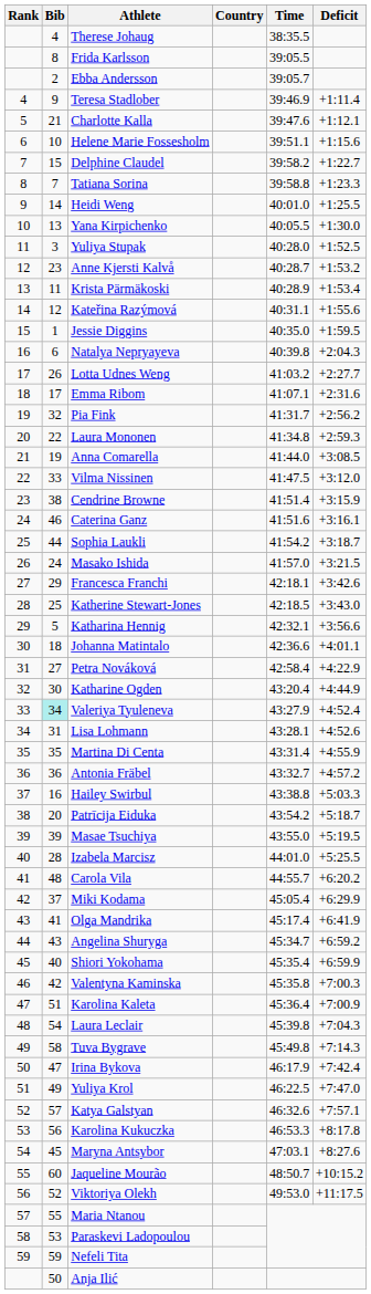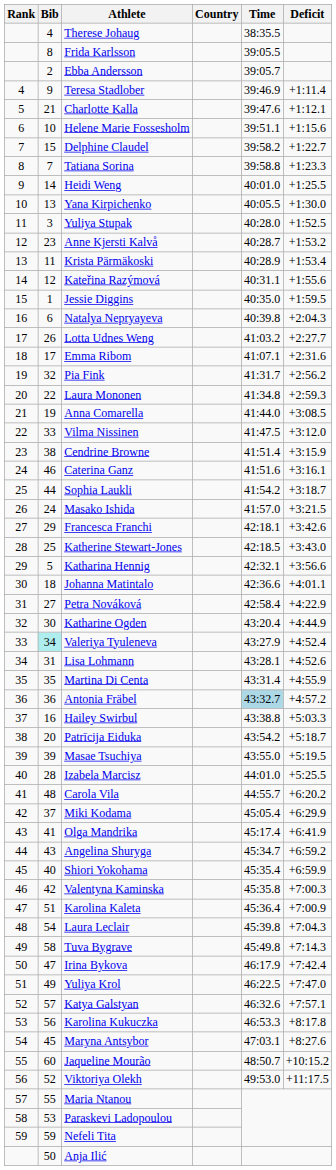 <table class="wikitable sortable" style="text-align:center">
 <tr>
 <th>Rank</th>
 <th>Bib</th>
 <th>Athlete</th>
 <th>Country</th>
 <th>Time</th>
 <th>Deficit</th>
 </tr>
 <tr>
 <td></td>
 <td>4</td>
 <td align=left><a href='#'>Therese Johaug</a></td>
 <td align=left></td>
 <td>38:35.5</td>
 <td></td>
 </tr>
 <tr>
 <td></td>
 <td>8</td>
 <td align=left><a href='#'>Frida Karlsson</a></td>
 <td align=left></td>
 <td>39:05.5</td>
 <td></td>
 </tr>
 <tr>
 <td></td>
 <td>2</td>
 <td align=left><a href='#'>Ebba Andersson</a></td>
 <td align=left></td>
 <td>39:05.7</td>
 <td></td>
 </tr>
 <tr>
 <td>4</td>
 <td>9</td>
 <td align=left><a href='#'>Teresa Stadlober</a></td>
 <td align=left></td>
 <td>39:46.9</td>
 <td>+1:11.4</td>
 </tr>
 <tr>
 <td>5</td>
 <td>21</td>
 <td align=left><a href='#'>Charlotte Kalla</a></td>
 <td align=left></td>
 <td>39:47.6</td>
 <td>+1:12.1</td>
 </tr>
 <tr>
 <td>6</td>
 <td>10</td>
 <td align=left><a href='#'>Helene Marie Fossesholm</a></td>
 <td align=left></td>
 <td>39:51.1</td>
 <td>+1:15.6</td>
 </tr>
 <tr>
 <td>7</td>
 <td>15</td>
 <td align=left><a href='#'>Delphine Claudel</a></td>
 <td align=left></td>
 <td>39:58.2</td>
 <td>+1:22.7</td>
 </tr>
 <tr>
 <td>8</td>
 <td>7</td>
 <td align=left><a href='#'>Tatiana Sorina</a></td>
 <td align=left></td>
 <td>39:58.8</td>
 <td>+1:23.3</td>
 </tr>
 <tr>
 <td>9</td>
 <td>14</td>
 <td align=left><a href='#'>Heidi Weng</a></td>
 <td align=left></td>
 <td>40:01.0</td>
 <td>+1:25.5</td>
 </tr>
 <tr>
 <td>10</td>
 <td>13</td>
 <td align=left><a href='#'>Yana Kirpichenko</a></td>
 <td align=left></td>
 <td>40:05.5</td>
 <td>+1:30.0</td>
 </tr>
 <tr>
 <td>11</td>
 <td>3</td>
 <td align=left><a href='#'>Yuliya Stupak</a></td>
 <td align=left></td>
 <td>40:28.0</td>
 <td>+1:52.5</td>
 </tr>
 <tr>
 <td>12</td>
 <td>23</td>
 <td align=left><a href='#'>Anne Kjersti Kalvå</a></td>
 <td align=left></td>
 <td>40:28.7</td>
 <td>+1:53.2</td>
 </tr>
 <tr>
 <td>13</td>
 <td>11</td>
 <td align=left><a href='#'>Krista Pärmäkoski</a></td>
 <td align=left></td>
 <td>40:28.9</td>
 <td>+1:53.4</td>
 </tr>
 <tr>
 <td>14</td>
 <td>12</td>
 <td align=left><a href='#'>Kateřina Razýmová</a></td>
 <td align=left></td>
 <td>40:31.1</td>
 <td>+1:55.6</td>
 </tr>
 <tr>
 <td>15</td>
 <td>1</td>
 <td align=left><a href='#'>Jessie Diggins</a></td>
 <td align=left></td>
 <td>40:35.0</td>
 <td>+1:59.5</td>
 </tr>
 <tr>
 <td>16</td>
 <td>6</td>
 <td align=left><a href='#'>Natalya Nepryayeva</a></td>
 <td align=left></td>
 <td>40:39.8</td>
 <td>+2:04.3</td>
 </tr>
 <tr>
 <td>17</td>
 <td>26</td>
 <td align=left><a href='#'>Lotta Udnes Weng</a></td>
 <td align=left></td>
 <td>41:03.2</td>
 <td>+2:27.7</td>
 </tr>
 <tr>
 <td>18</td>
 <td>17</td>
 <td align=left><a href='#'>Emma Ribom</a></td>
 <td align=left></td>
 <td>41:07.1</td>
 <td>+2:31.6</td>
 </tr>
 <tr>
 <td>19</td>
 <td>32</td>
 <td align=left><a href='#'>Pia Fink</a></td>
 <td align=left></td>
 <td>41:31.7</td>
 <td>+2:56.2</td>
 </tr>
 <tr>
 <td>20</td>
 <td>22</td>
 <td align=left><a href='#'>Laura Mononen</a></td>
 <td align=left></td>
 <td>41:34.8</td>
 <td>+2:59.3</td>
 </tr>
 <tr>
 <td>21</td>
 <td>19</td>
 <td align=left><a href='#'>Anna Comarella</a></td>
 <td align=left></td>
 <td>41:44.0</td>
 <td>+3:08.5</td>
 </tr>
 <tr>
 <td>22</td>
 <td>33</td>
 <td align=left><a href='#'>Vilma Nissinen</a></td>
 <td align=left></td>
 <td>41:47.5</td>
 <td>+3:12.0</td>
 </tr>
 <tr>
 <td>23</td>
 <td>38</td>
 <td align=left><a href='#'>Cendrine Browne</a></td>
 <td align=left></td>
 <td>41:51.4</td>
 <td>+3:15.9</td>
 </tr>
 <tr>
 <td>24</td>
 <td>46</td>
 <td align=left><a href='#'>Caterina Ganz</a></td>
 <td align=left></td>
 <td>41:51.6</td>
 <td>+3:16.1</td>
 </tr>
 <tr>
 <td>25</td>
 <td>44</td>
 <td align=left><a href='#'>Sophia Laukli</a></td>
 <td align=left></td>
 <td>41:54.2</td>
 <td>+3:18.7</td>
 </tr>
 <tr>
 <td>26</td>
 <td>24</td>
 <td align=left><a href='#'>Masako Ishida</a></td>
 <td align=left></td>
 <td>41:57.0</td>
 <td>+3:21.5</td>
 </tr>
 <tr>
 <td>27</td>
 <td>29</td>
 <td align=left><a href='#'>Francesca Franchi</a></td>
 <td align=left></td>
 <td>42:18.1</td>
 <td>+3:42.6</td>
 </tr>
 <tr>
 <td>28</td>
 <td>25</td>
 <td align=left><a href='#'>Katherine Stewart-Jones</a></td>
 <td align=left></td>
 <td>42:18.5</td>
 <td>+3:43.0</td>
 </tr>
 <tr>
 <td>29</td>
 <td>5</td>
 <td align=left><a href='#'>Katharina Hennig</a></td>
 <td align=left></td>
 <td>42:32.1</td>
 <td>+3:56.6</td>
 </tr>
 <tr>
 <td>30</td>
 <td>18</td>
 <td align=left><a href='#'>Johanna Matintalo</a></td>
 <td align=left></td>
 <td>42:36.6</td>
 <td>+4:01.1</td>
 </tr>
 <tr>
 <td>31</td>
 <td>27</td>
 <td align=left><a href='#'>Petra Nováková</a></td>
 <td align=left></td>
 <td>42:58.4</td>
 <td>+4:22.9</td>
 </tr>
 <tr>
 <td>32</td>
 <td>30</td>
 <td align=left><a href='#'>Katharine Ogden</a></td>
 <td align=left></td>
 <td>43:20.4</td>
 <td>+4:44.9</td>
 </tr>
 <tr>
 <td>33</td>
 <td style="background: paleturquoise;">34</td>
 <td align=left><a href='#'>Valeriya Tyuleneva</a></td>
 <td align=left></td>
 <td>43:27.9</td>
 <td>+4:52.4</td>
 </tr>
 <tr>
 <td>34</td>
 <td>31</td>
 <td align=left><a href='#'>Lisa Lohmann</a></td>
 <td align=left></td>
 <td>43:28.1</td>
 <td>+4:52.6</td>
 </tr>
 <tr>
 <td>35</td>
 <td>35</td>
 <td align=left><a href='#'>Martina Di Centa</a></td>
 <td align=left></td>
 <td>43:31.4</td>
 <td>+4:55.9</td>
 </tr>
 <tr>
 <td>36</td>
 <td>36</td>
 <td align=left><a href='#'>Antonia Fräbel</a></td>
 <td align=left></td>
-<td>43:32.7</td>
+<td style="background: lightblue;">43:32.7</td>
 <td>+4:57.2</td>
 </tr>
 <tr>
 <td>37</td>
 <td>16</td>
 <td align=left><a href='#'>Hailey Swirbul</a></td>
 <td align=left></td>
 <td>43:38.8</td>
 <td>+5:03.3</td>
 </tr>
 <tr>
 <td>38</td>
 <td>20</td>
 <td align=left><a href='#'>Patrīcija Eiduka</a></td>
 <td align=left></td>
 <td>43:54.2</td>
 <td>+5:18.7</td>
 </tr>
 <tr>
 <td>39</td>
 <td>39</td>
 <td align=left><a href='#'>Masae Tsuchiya</a></td>
 <td align=left></td>
 <td>43:55.0</td>
 <td>+5:19.5</td>
 </tr>
 <tr>
 <td>40</td>
 <td>28</td>
 <td align=left><a href='#'>Izabela Marcisz</a></td>
 <td align=left></td>
 <td>44:01.0</td>
 <td>+5:25.5</td>
 </tr>
 <tr>
 <td>41</td>
 <td>48</td>
 <td align=left><a href='#'>Carola Vila</a></td>
 <td align=left></td>
 <td>44:55.7</td>
 <td>+6:20.2</td>
 </tr>
 <tr>
 <td>42</td>
 <td>37</td>
 <td align=left><a href='#'>Miki Kodama</a></td>
 <td align=left></td>
 <td>45:05.4</td>
 <td>+6:29.9</td>
 </tr>
 <tr>
 <td>43</td>
 <td>41</td>
 <td align=left><a href='#'>Olga Mandrika</a></td>
 <td align=left></td>
 <td>45:17.4</td>
 <td>+6:41.9</td>
 </tr>
 <tr>
 <td>44</td>
 <td>43</td>
 <td align=left><a href='#'>Angelina Shuryga</a></td>
 <td align=left></td>
 <td>45:34.7</td>
 <td>+6:59.2</td>
 </tr>
 <tr>
 <td>45</td>
 <td>40</td>
 <td align=left><a href='#'>Shiori Yokohama</a></td>
 <td align=left></td>
 <td>45:35.4</td>
 <td>+6:59.9</td>
 </tr>
 <tr>
 <td>46</td>
 <td>42</td>
 <td align=left><a href='#'>Valentyna Kaminska</a></td>
 <td align=left></td>
 <td>45:35.8</td>
 <td>+7:00.3</td>
 </tr>
 <tr>
 <td>47</td>
 <td>51</td>
 <td align=left><a href='#'>Karolina Kaleta</a></td>
 <td align=left></td>
 <td>45:36.4</td>
 <td>+7:00.9</td>
 </tr>
 <tr>
 <td>48</td>
 <td>54</td>
 <td align=left><a href='#'>Laura Leclair</a></td>
 <td align=left></td>
 <td>45:39.8</td>
 <td>+7:04.3</td>
 </tr>
 <tr>
 <td>49</td>
 <td>58</td>
 <td align=left><a href='#'>Tuva Bygrave</a></td>
 <td align=left></td>
 <td>45:49.8</td>
 <td>+7:14.3</td>
 </tr>
 <tr>
 <td>50</td>
 <td>47</td>
 <td align=left><a href='#'>Irina Bykova</a></td>
 <td align=left></td>
 <td>46:17.9</td>
 <td>+7:42.4</td>
 </tr>
 <tr>
 <td>51</td>
 <td>49</td>
 <td align=left><a href='#'>Yuliya Krol</a></td>
 <td align=left></td>
 <td>46:22.5</td>
 <td>+7:47.0</td>
 </tr>
 <tr>
 <td>52</td>
 <td>57</td>
 <td align=left><a href='#'>Katya Galstyan</a></td>
 <td align=left></td>
 <td>46:32.6</td>
 <td>+7:57.1</td>
 </tr>
 <tr>
 <td>53</td>
 <td>56</td>
 <td align=left><a href='#'>Karolina Kukuczka</a></td>
 <td align=left></td>
 <td>46:53.3</td>
 <td>+8:17.8</td>
 </tr>
 <tr>
 <td>54</td>
 <td>45</td>
 <td align=left><a href='#'>Maryna Antsybor</a></td>
 <td align=left></td>
 <td>47:03.1</td>
 <td>+8:27.6</td>
 </tr>
 <tr>
 <td>55</td>
 <td>60</td>
 <td align=left><a href='#'>Jaqueline Mourão</a></td>
 <td align=left></td>
 <td>48:50.7</td>
 <td>+10:15.2</td>
 </tr>
 <tr>
 <td>56</td>
 <td>52</td>
 <td align=left><a href='#'>Viktoriya Olekh</a></td>
 <td align=left></td>
 <td>49:53.0</td>
 <td>+11:17.5</td>
 </tr>
 <tr>
 <td>57</td>
 <td>55</td>
 <td align=left><a href='#'>Maria Ntanou</a></td>
 <td align=left></td>
 <td colspan=2 rowspan=3></td>
 </tr>
 <tr>
 <td>58</td>
 <td>53</td>
 <td align=left><a href='#'>Paraskevi Ladopoulou</a></td>
 <td align=left></td>
 </tr>
 <tr>
 <td>59</td>
 <td>59</td>
 <td align=left><a href='#'>Nefeli Tita</a></td>
 <td align=left></td>
 </tr>
 <tr>
 <td></td>
 <td>50</td>
 <td align=left><a href='#'>Anja Ilić</a></td>
 <td align=left></td>
 <td colspan=2></td>
 </tr>
 </table>
